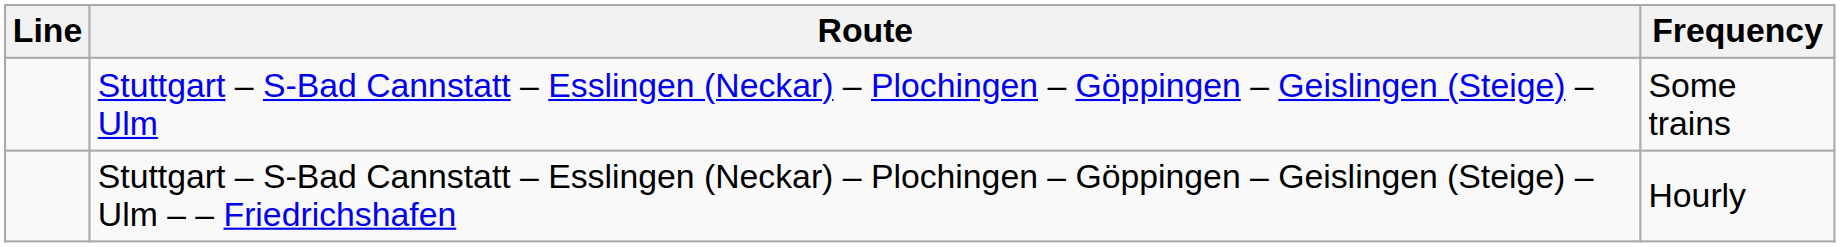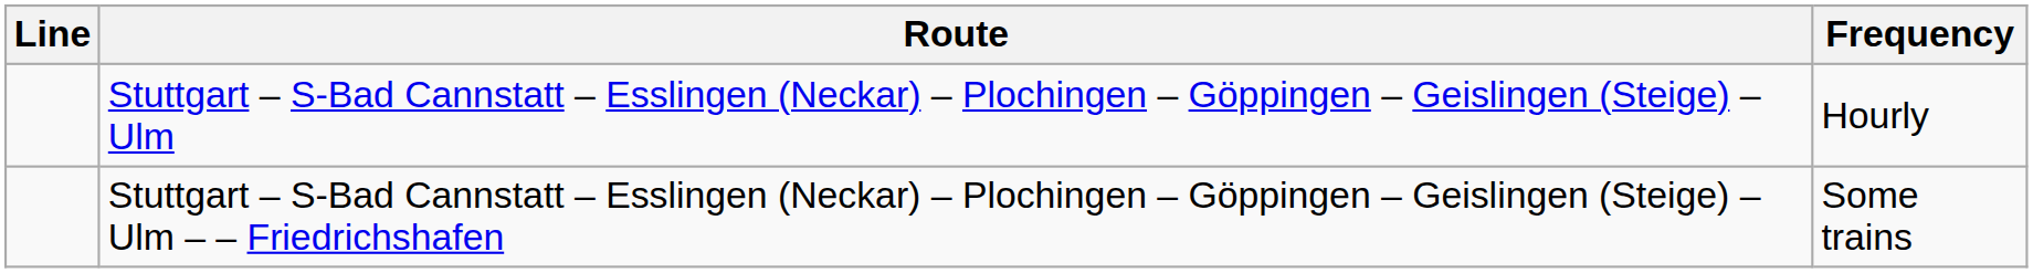 <table class="wikitable">
 <tr>
 <th>Line</th>
 <th>Route</th>
 <th>Frequency</th>
 </tr>
 <tr>
 <td align="center"></td>
 <td><a href='#'>Stuttgart</a> – <a href='#'>S-Bad Cannstatt</a> – <a href='#'>Esslingen (Neckar)</a> – <a href='#'>Plochingen</a> – <a href='#'>Göppingen</a> – <a href='#'>Geislingen (Steige)</a> – <a href='#'>Ulm</a></td>
-<td>Some trains</td>
+<td>Hourly</td>
 </tr>
 <tr>
 <td align="center"></td>
 <td>Stuttgart – S-Bad Cannstatt – Esslingen (Neckar) – Plochingen – Göppingen – Geislingen (Steige) – Ulm –  – <a href='#'>Friedrichshafen</a></td>
-<td>Hourly</td>
+<td>Some trains</td>
 </tr>
 </table>
